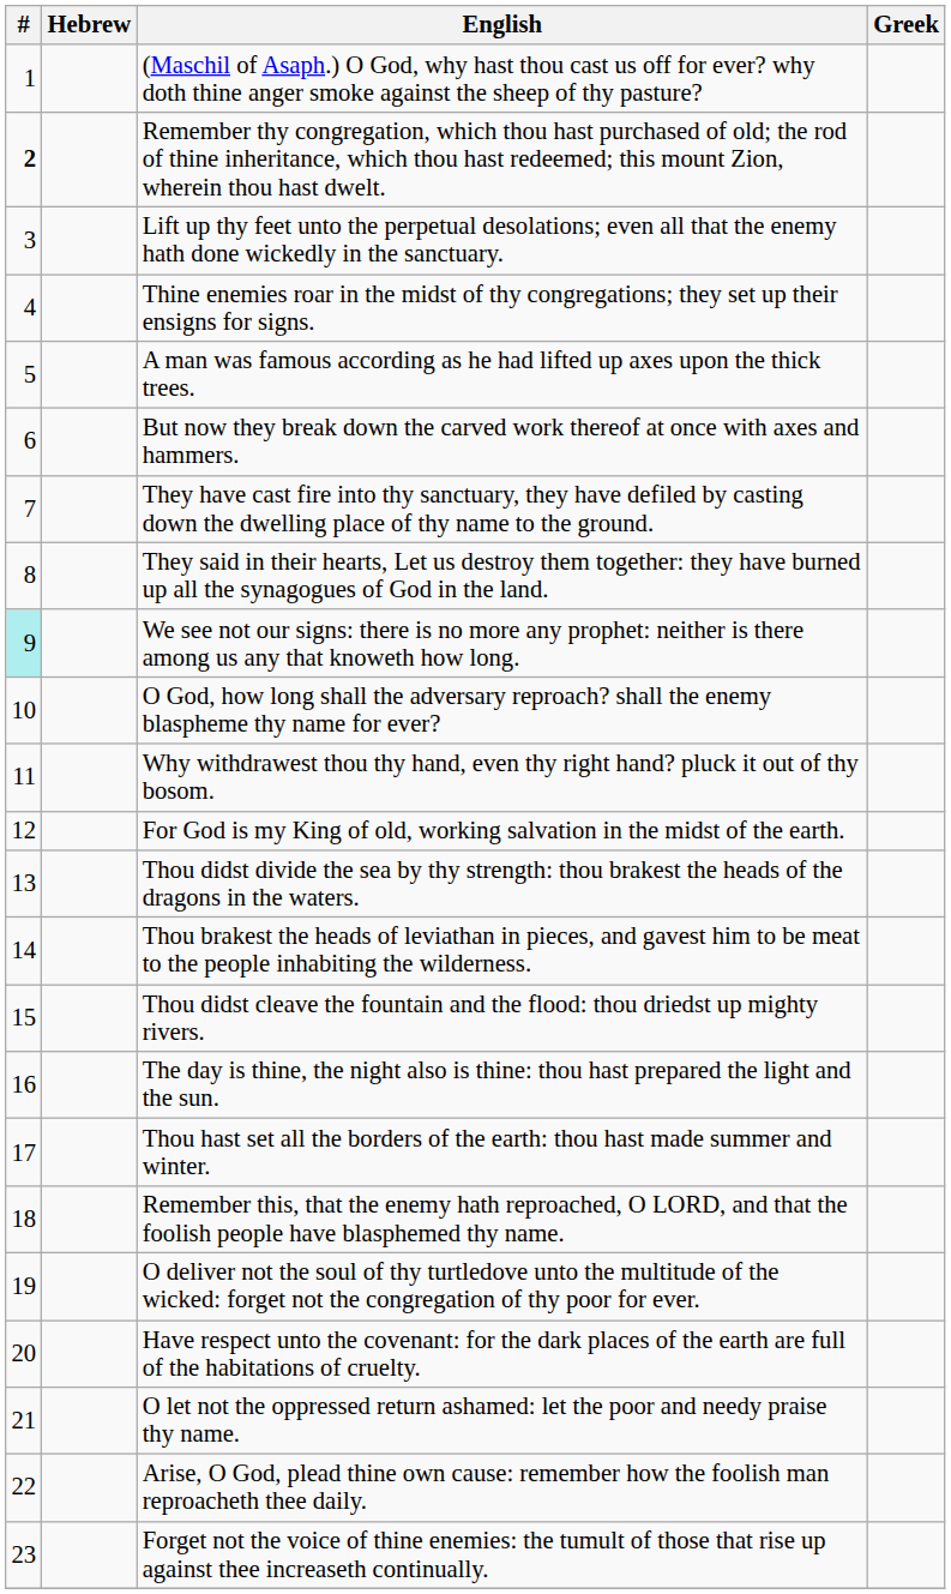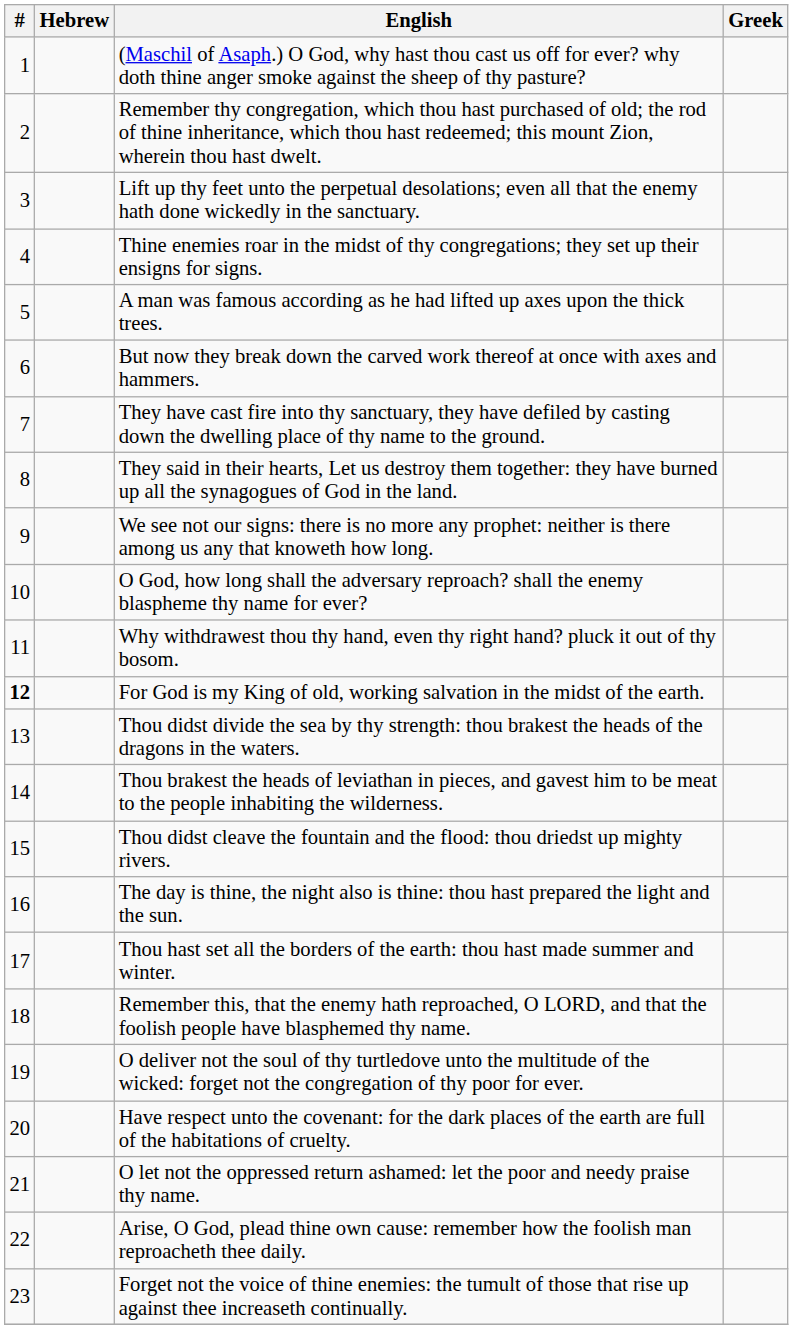 <table class=wikitable>
 <tr>
 <th>#</th>
 <th>Hebrew</th>
 <th>English</th>
 <th>Greek</th>
 </tr>
 <tr>
 <td style="text-align:right">1</td>
 <td style="text-align:right"></td>
 <td>(<a href='#'>Maschil</a> of <a href='#'>Asaph</a>.) O God, why hast thou cast us off for ever? why doth thine anger smoke against the sheep of thy pasture?</td>
 <td></td>
 </tr>
 <tr>
-<td style="text-align:right"><strong>2</strong></td>
+<td style="text-align:right">2</td>
 <td style="text-align:right"></td>
 <td>Remember thy congregation, which thou hast purchased of old; the rod of thine inheritance, which thou hast redeemed; this mount Zion, wherein thou hast dwelt.</td>
 <td></td>
 </tr>
 <tr>
 <td style="text-align:right">3</td>
 <td style="text-align:right"></td>
 <td>Lift up thy feet unto the perpetual desolations; even all that the enemy hath done wickedly in the sanctuary.</td>
 <td></td>
 </tr>
 <tr>
 <td style="text-align:right">4</td>
 <td style="text-align:right"></td>
 <td>Thine enemies roar in the midst of thy congregations; they set up their ensigns for signs.</td>
 <td></td>
 </tr>
 <tr>
 <td style="text-align:right">5</td>
 <td style="text-align:right"></td>
 <td>A man was famous according as he had lifted up axes upon the thick trees.</td>
 <td></td>
 </tr>
 <tr>
 <td style="text-align:right">6</td>
 <td style="text-align:right"></td>
 <td>But now they break down the carved work thereof at once with axes and hammers.</td>
 <td></td>
 </tr>
 <tr>
 <td style="text-align:right">7</td>
 <td style="text-align:right"></td>
 <td>They have cast fire into thy sanctuary, they have defiled by casting down the dwelling place of thy name to the ground.</td>
 <td></td>
 </tr>
 <tr>
 <td style="text-align:right">8</td>
 <td style="text-align:right"></td>
 <td>They said in their hearts, Let us destroy them together: they have burned up all the synagogues of God in the land.</td>
 <td></td>
 </tr>
 <tr>
-<td style="background: paleturquoise; text-align:right">9</td>
+<td style="text-align:right">9</td>
 <td style="text-align:right"></td>
 <td>We see not our signs: there is no more any prophet: neither is there among us any that knoweth how long.</td>
 <td></td>
 </tr>
 <tr>
 <td style="text-align:right">10</td>
 <td style="text-align:right"></td>
 <td>O God, how long shall the adversary reproach? shall the enemy blaspheme thy name for ever?</td>
 <td></td>
 </tr>
 <tr>
 <td style="text-align:right">11</td>
 <td style="text-align:right"></td>
 <td>Why withdrawest thou thy hand, even thy right hand? pluck it out of thy bosom.</td>
 <td></td>
 </tr>
 <tr>
-<td style="text-align:right">12</td>
+<td style="text-align:right"><strong>12</strong></td>
 <td style="text-align:right"></td>
 <td>For God is my King of old, working salvation in the midst of the earth.</td>
 <td></td>
 </tr>
 <tr>
 <td style="text-align:right">13</td>
 <td style="text-align:right"></td>
 <td>Thou didst divide the sea by thy strength: thou brakest the heads of the dragons in the waters.</td>
 <td></td>
 </tr>
 <tr>
 <td style="text-align:right">14</td>
 <td style="text-align:right"></td>
 <td>Thou brakest the heads of leviathan in pieces, and gavest him to be meat to the people inhabiting the wilderness.</td>
 <td></td>
 </tr>
 <tr>
 <td style="text-align:right">15</td>
 <td style="text-align:right"></td>
 <td>Thou didst cleave the fountain and the flood: thou driedst up mighty rivers.</td>
 <td></td>
 </tr>
 <tr>
 <td style="text-align:right">16</td>
 <td style="text-align:right"></td>
 <td>The day is thine, the night also is thine: thou hast prepared the light and the sun.</td>
 <td></td>
 </tr>
 <tr>
 <td style="text-align:right">17</td>
 <td style="text-align:right"></td>
 <td>Thou hast set all the borders of the earth: thou hast made summer and winter.</td>
 <td></td>
 </tr>
 <tr>
 <td style="text-align:right">18</td>
 <td style="text-align:right"></td>
 <td>Remember this, that the enemy hath reproached, O LORD, and that the foolish people have blasphemed thy name.</td>
 <td></td>
 </tr>
 <tr>
 <td style="text-align:right">19</td>
 <td style="text-align:right"></td>
 <td>O deliver not the soul of thy turtledove unto the multitude of the wicked: forget not the congregation of thy poor for ever.</td>
 <td></td>
 </tr>
 <tr>
 <td style="text-align:right">20</td>
 <td style="text-align:right"></td>
 <td>Have respect unto the covenant: for the dark places of the earth are full of the habitations of cruelty.</td>
 <td></td>
 </tr>
 <tr>
 <td style="text-align:right">21</td>
 <td style="text-align:right"></td>
 <td>O let not the oppressed return ashamed: let the poor and needy praise thy name.</td>
 <td></td>
 </tr>
 <tr>
 <td style="text-align:right">22</td>
 <td style="text-align:right"></td>
 <td>Arise, O God, plead thine own cause: remember how the foolish man reproacheth thee daily.</td>
 <td></td>
 </tr>
 <tr>
 <td style="text-align:right">23</td>
 <td style="text-align:right"></td>
 <td>Forget not the voice of thine enemies: the tumult of those that rise up against thee increaseth continually.</td>
 <td></td>
 </tr>
 <tr>
 </tr>
 </table>
